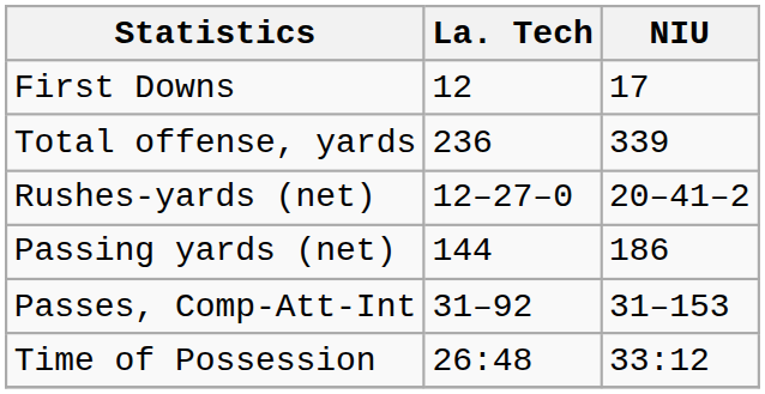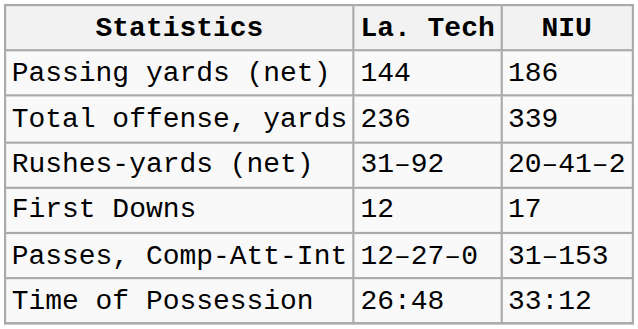 <table class="wikitable">
 <tr>
 <th>Statistics</th>
 <th>La. Tech</th>
 <th>NIU</th>
 </tr>
 <tr>
-<td>First Downs</td>
-<td>12</td>
-<td>17</td>
+<td>Passing yards (net)</td>
+<td>144</td>
+<td>186</td>
 </tr>
 <tr>
 <td>Total offense, yards</td>
 <td>236</td>
 <td>339</td>
 </tr>
 <tr>
 <td>Rushes-yards (net)</td>
-<td>12–27–0</td>
+<td>31–92</td>
 <td>20–41–2</td>
 </tr>
 <tr>
-<td>Passing yards (net)</td>
-<td>144</td>
-<td>186</td>
+<td>First Downs</td>
+<td>12</td>
+<td>17</td>
 </tr>
 <tr>
 <td>Passes, Comp-Att-Int</td>
-<td>31–92</td>
+<td>12–27–0</td>
 <td>31–153</td>
 </tr>
 <tr>
 <td>Time of Possession</td>
 <td>26:48</td>
 <td>33:12</td>
 </tr>
 <tr>
 </tr>
 </table>
